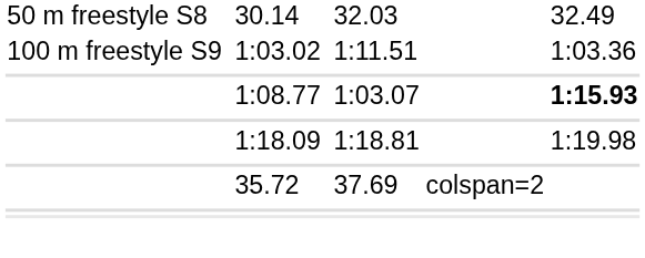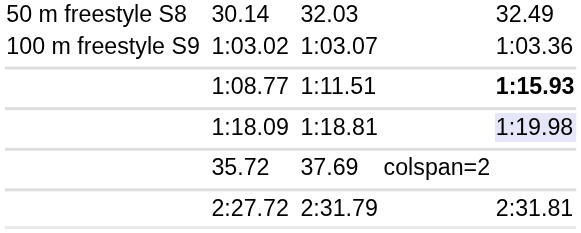 <table>
 <tr>
 <td>50 m freestyle S8<br></td>
 <td></td>
 <td>30.14</td>
 <td></td>
 <td>32.03</td>
 <td></td>
 <td>32.49</td>
 </tr>
 <tr>
 <td>100 m freestyle S9<br></td>
 <td></td>
 <td>1:03.02</td>
 <td></td>
-<td>1:11.51</td>
+<td>1:03.07</td>
 <td></td>
 <td>1:03.36</td>
 </tr>
 <tr>
 </tr>
 <tr bgcolor=#DDDDDD>
 <td colspan=7></td>
 </tr>
 <tr>
 <td><br></td>
 <td></td>
 <td>1:08.77</td>
 <td></td>
-<td>1:03.07</td>
+<td>1:11.51</td>
 <td></td>
 <td><strong>1:15.93</strong></td>
 </tr>
 <tr>
 </tr>
 <tr bgcolor=#DDDDDD>
 <td colspan=7></td>
 </tr>
 <tr>
 <td><br></td>
 <td></td>
 <td>1:18.09</td>
 <td></td>
 <td>1:18.81</td>
 <td></td>
-<td>1:19.98</td>
+<td style="background: lavender;">1:19.98</td>
 </tr>
 <tr>
 </tr>
 <tr bgcolor=#DDDDDD>
 <td colspan=7></td>
 </tr>
 <tr>
 <td><br></td>
 <td></td>
 <td>35.72</td>
 <td></td>
 <td>37.69</td>
 <td>colspan=2 </td>
 </tr>
 <tr>
 </tr>
 <tr bgcolor=#DDDDDD>
 <td colspan=7></td>
 </tr>
+<tr>
+<td><br></td>
+<td></td>
+<td>2:27.72</td>
+<td></td>
+<td>2:31.79</td>
+<td></td>
+<td>2:31.81</td>
+</tr>
 <tr bgcolor= e8e8e8>
 <td colspan=7></td>
 </tr>
 </table>
